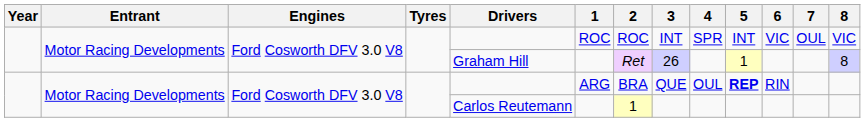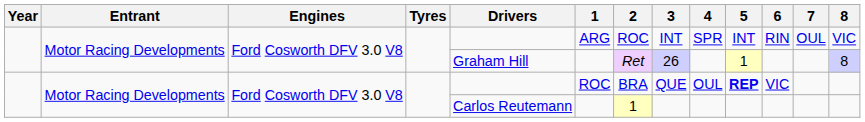 <table class="wikitable" style="text-align:center; font-size:95%">
 <tr>
 <th>Year</th>
 <th>Entrant</th>
 <th>Engines</th>
 <th>Tyres</th>
 <th>Drivers</th>
 <th>1</th>
 <th>2</th>
 <th>3</th>
 <th>4</th>
 <th>5</th>
 <th>6</th>
 <th>7</th>
 <th>8</th>
 </tr>
 <tr>
 <td rowspan="2"></td>
 <td rowspan="2"><a href='#'>Motor Racing Developments</a></td>
 <td rowspan="2"><a href='#'>Ford</a> <a href='#'>Cosworth DFV</a> 3.0 <a href='#'>V8</a></td>
 <td rowspan="2"></td>
 <td></td>
-<td><a href='#'>ROC</a></td>
+<td><a href='#'>ARG</a></td>
 <td><a href='#'>ROC</a></td>
 <td><a href='#'>INT</a></td>
 <td><a href='#'>SPR</a></td>
 <td><a href='#'>INT</a></td>
-<td><a href='#'>VIC</a></td>
+<td><a href='#'>RIN</a></td>
 <td><a href='#'>OUL</a></td>
 <td><a href='#'>VIC</a></td>
 </tr>
 <tr>
 <td align="left"><a href='#'>Graham Hill</a></td>
 <td></td>
 <td style="background:#EFCFFF;"><em>Ret</em></td>
 <td style="background:#CFCFFF;">26</td>
 <td></td>
 <td style="background:#FFFFBF;">1</td>
 <td></td>
 <td></td>
 <td style="background:#CFCFFF;">8</td>
 </tr>
 <tr>
 <td rowspan="2"></td>
 <td rowspan="2"><a href='#'>Motor Racing Developments</a></td>
 <td rowspan="2"><a href='#'>Ford</a> <a href='#'>Cosworth DFV</a> 3.0 <a href='#'>V8</a></td>
 <td rowspan="2"></td>
 <td></td>
-<td><a href='#'>ARG</a></td>
+<td><a href='#'>ROC</a></td>
 <td><a href='#'>BRA</a></td>
 <td><a href='#'>QUE</a></td>
 <td><a href='#'>OUL</a></td>
 <td><strong><a href='#'>REP</a></strong></td>
-<td><a href='#'>RIN</a></td>
+<td><a href='#'>VIC</a></td>
 <td></td>
 <td></td>
 </tr>
 <tr>
 <td align="left"><a href='#'>Carlos Reutemann</a></td>
 <td></td>
 <td style="background:#FFFFBF;">1</td>
 <td></td>
 <td></td>
 <td></td>
 <td></td>
 <td></td>
 <td></td>
 </tr>
 </table>
